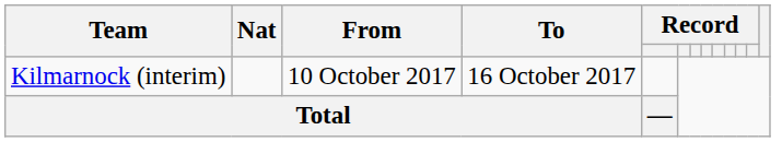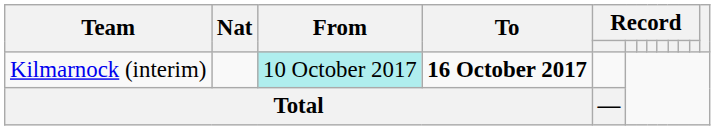 <table class="wikitable" style="text-align: center">
 <tr>
 <th rowspan="2">Team</th>
 <th rowspan="2">Nat</th>
 <th rowspan="2">From</th>
 <th rowspan="2">To</th>
 <th colspan="8">Record</th>
 <th rowspan=2></th>
 </tr>
 <tr>
 <th></th>
 <th></th>
 <th></th>
 <th></th>
 <th></th>
 <th></th>
 <th></th>
 <th></th>
 </tr>
 <tr>
 <td align=left><a href='#'>Kilmarnock</a> (interim)</td>
 <td></td>
-<td align=left>10 October 2017</td>
-<td align=left>16 October 2017<br></td>
+<td align=left style="background: paleturquoise;">10 October 2017</td>
+<td align=left><strong>16 October 2017<br></strong></td>
 <td></td>
 </tr>
 <tr>
 <th colspan=4>Total<br></th>
 <th>—</th>
 </tr>
 </table>
